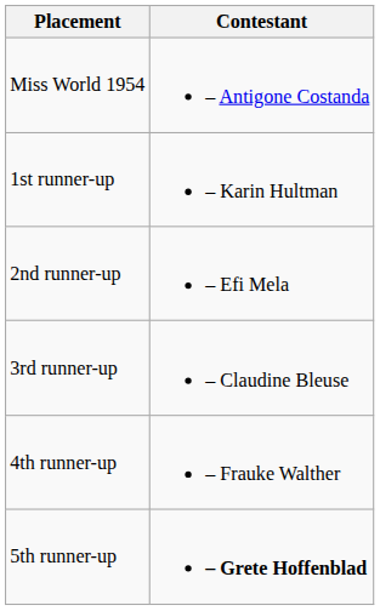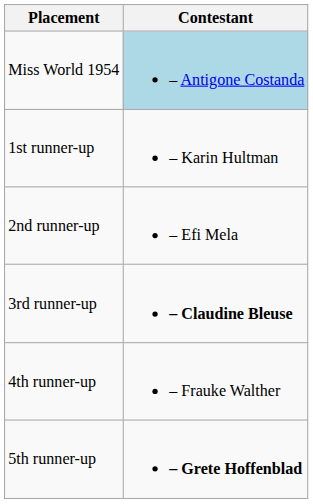 <table class="wikitable sortable" style="font-size:95%;">
 <tr>
 <th>Placement</th>
 <th>Contestant</th>
 </tr>
 <tr>
 <td>Miss World 1954</td>
-<td><br><ul><li> – <a href='#'>Antigone Costanda</a></li></ul></td>
+<td style="background: lightblue;"><br><ul><li> – <a href='#'>Antigone Costanda</a></li></ul></td>
 </tr>
 <tr>
 <td>1st runner-up</td>
 <td><br><ul><li> – Karin Hultman</li></ul></td>
 </tr>
 <tr>
 <td>2nd runner-up</td>
 <td><br><ul><li> – Efi Mela</li></ul></td>
 </tr>
 <tr>
 <td>3rd runner-up</td>
-<td><br><ul><li> – Claudine Bleuse</li></ul></td>
+<td><strong><br><ul><li> – Claudine Bleuse</li></ul></strong></td>
 </tr>
 <tr>
 <td>4th runner-up</td>
 <td><br><ul><li> – Frauke Walther</li></ul></td>
 </tr>
 <tr>
 <td>5th runner-up</td>
 <td><strong><br><ul><li> – Grete Hoffenblad</li></ul></strong></td>
 </tr>
 </table>
